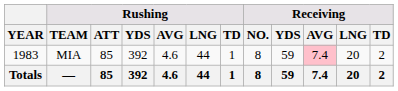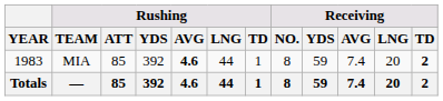 <table class=wikitable style="text-align:center">
 <tr>
 <th></th>
 <th colspan="6" style="background:#e7e3e7;">Rushing</th>
 <th colspan="5" style="background:#e7e3e7;">Receiving</th>
 </tr>
 <tr>
 <th>YEAR</th>
 <th>TEAM</th>
 <th>ATT</th>
 <th>YDS</th>
 <th>AVG</th>
 <th>LNG</th>
 <th>TD</th>
 <th>NO.</th>
 <th>YDS</th>
 <th>AVG</th>
 <th>LNG</th>
 <th>TD</th>
 </tr>
 <tr>
 <td>1983</td>
 <td>MIA</td>
 <td>85</td>
 <td>392</td>
-<td>4.6</td>
+<td><strong>4.6</strong></td>
 <td>44</td>
 <td>1</td>
 <td>8</td>
 <td>59</td>
-<td style="background: pink;">7.4</td>
+<td>7.4</td>
 <td>20</td>
-<td>2</td>
+<td><strong>2</strong></td>
 </tr>
 <tr>
 <th>Totals</th>
 <th>—</th>
 <th>85</th>
 <th>392</th>
 <th>4.6</th>
 <th>44</th>
 <th>1</th>
 <th>8</th>
 <th>59</th>
 <th>7.4</th>
 <th>20</th>
 <th>2</th>
 </tr>
 </table>
